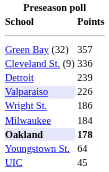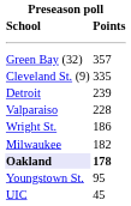 <table class="toccolours" style="float: left; margin-right: 1em;" cellspacing="2">
 <tr>
 <th colspan="2" style="text-align: center;"><strong>Preseason poll</strong></th>
 </tr>
 <tr>
 <td><strong>School</strong></td>
 <td><strong>Points</strong></td>
 </tr>
 <tr>
 <td colspan="2"><hr></td>
 </tr>
 <tr>
 <td><a href='#'>Green Bay</a> (32)</td>
 <td>357</td>
 </tr>
 <tr>
 <td><a href='#'>Cleveland St.</a> (9)</td>
-<td>336</td>
+<td>335</td>
 </tr>
 <tr>
 <td><a href='#'>Detroit</a></td>
 <td>239</td>
 </tr>
 <tr>
-<td style="background: lavender;"><a href='#'>Valparaiso</a></td>
-<td>226</td>
+<td><a href='#'>Valparaiso</a></td>
+<td>228</td>
 </tr>
 <tr>
 <td><a href='#'>Wright St.</a></td>
 <td>186</td>
 </tr>
 <tr>
 <td><a href='#'>Milwaukee</a></td>
-<td>184</td>
+<td>182</td>
 </tr>
 <tr>
 <td style="background: lavender;"><strong>Oakland</strong></td>
 <td><strong>178</strong></td>
 </tr>
 <tr>
 <td><a href='#'>Youngstown St.</a></td>
-<td>64</td>
+<td>95</td>
 </tr>
 <tr>
 <td><a href='#'>UIC</a></td>
 <td>45</td>
 </tr>
 <tr>
 <td colspan=2><em></em></td>
 </tr>
 </table>
